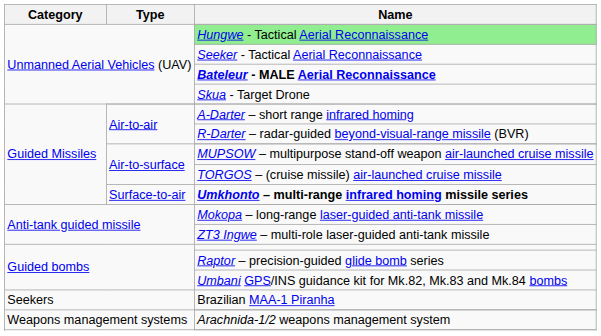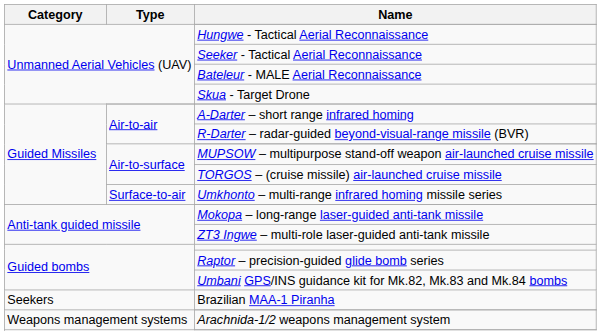 <table class="wikitable" style="font-size:95%;">
 <tr>
 <th>Category</th>
 <th>Type</th>
 <th>Name</th>
 </tr>
 <tr>
 <td colspan=2 rowspan=5><a href='#'>Unmanned Aerial Vehicles</a> (UAV)</td>
 </tr>
 <tr>
-<td style="background: lightgreen;"><a href='#'><em>Hungwe</em></a> - Tactical <a href='#'>Aerial Reconnaissance</a></td>
+<td><a href='#'><em>Hungwe</em></a> - Tactical <a href='#'>Aerial Reconnaissance</a></td>
 </tr>
 <tr>
 <td><a href='#'><em>Seeker</em></a> - Tactical <a href='#'>Aerial Reconnaissance</a></td>
 </tr>
 <tr>
-<td><strong><a href='#'><em>Bateleur</em></a> - MALE <a href='#'>Aerial Reconnaissance</a></strong></td>
+<td><a href='#'><em>Bateleur</em></a> - MALE <a href='#'>Aerial Reconnaissance</a></td>
 </tr>
 <tr>
 <td><a href='#'><em>Skua</em></a> - Target Drone</td>
 </tr>
 <tr>
 <td rowspan=8><a href='#'>Guided Missiles</a></td>
 </tr>
 <tr>
 <td rowspan=3><a href='#'>Air-to-air</a></td>
 </tr>
 <tr>
 <td><a href='#'><em>A-Darter</em></a> – short range <a href='#'>infrared homing</a></td>
 </tr>
 <tr>
 <td><a href='#'><em>R-Darter</em></a> – radar-guided <a href='#'>beyond-visual-range missile</a> (BVR)</td>
 </tr>
 <tr>
 <td rowspan=3><a href='#'>Air-to-surface</a></td>
 </tr>
 <tr>
 <td><em><a href='#'>MUPSOW</a></em> – multipurpose stand-off weapon <a href='#'>air-launched cruise missile</a></td>
 </tr>
 <tr>
 <td><em><a href='#'>TORGOS</a></em> – (cruise missile) <a href='#'>air-launched cruise missile</a></td>
 </tr>
 <tr>
 <td><a href='#'>Surface-to-air</a></td>
-<td><strong><a href='#'><em>Umkhonto</em></a> – multi-range <a href='#'>infrared homing</a> missile series</strong></td>
+<td><a href='#'><em>Umkhonto</em></a> – multi-range <a href='#'>infrared homing</a> missile series</td>
 </tr>
 <tr>
 <td rowspan=3 colspan=2><a href='#'>Anti-tank guided missile</a></td>
 </tr>
 <tr>
 <td><em><a href='#'>Mokopa</a></em> – long-range <a href='#'>laser-guided anti-tank missile</a></td>
 </tr>
 <tr>
 <td><em><a href='#'>ZT3 Ingwe</a></em> – multi-role laser-guided anti-tank missile</td>
 </tr>
 <tr>
 <td rowspan=3 colspan=2><a href='#'>Guided bombs</a></td>
 <td></td>
 </tr>
 <tr>
 <td><em><a href='#'>Raptor</a></em> – precision-guided <a href='#'>glide bomb</a> series</td>
 </tr>
 <tr>
 <td><em><a href='#'>Umbani</a></em> <a href='#'>GPS</a>/INS guidance kit for Mk.82, Mk.83 and Mk.84 <a href='#'>bombs</a></td>
 </tr>
 <tr>
 <td colspan=2>Seekers</td>
 <td>Brazilian <a href='#'>MAA-1 Piranha</a></td>
 </tr>
 <tr>
 <td rowspan=3 colspan=2>Weapons management systems</td>
 </tr>
 <tr>
 <td><em>Arachnida-1/2</em> weapons management system</td>
 </tr>
 <tr>
 </tr>
 </table>
